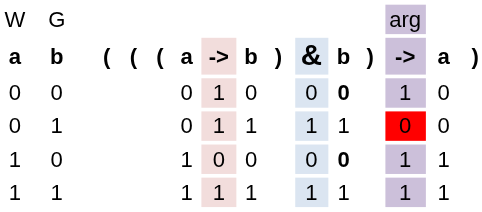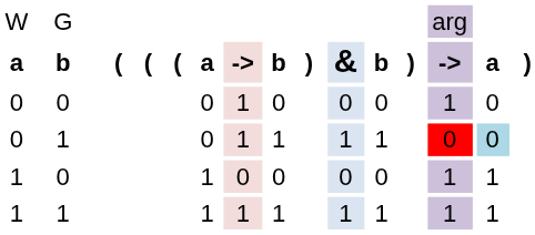 <table style="margin-left: auto; margin-right: auto; border: none;">
 <tr style="font-size:9pt" align="center">
 <td width="18.75" Height="12">W</td>
 <td width="18.75">G</td>
 <td width="4.5"></td>
 <td width="10.5"></td>
 <td width="10.5"></td>
 <td width="10.5"></td>
 <td width="10.5"></td>
 <td width="16.5"></td>
 <td width="10.5"></td>
 <td width="11.25"></td>
 <td width="16.5"></td>
 <td width="10.5"></td>
 <td width="10.5"></td>
 <td style="background-color:#CCC0DA" width="19.5">arg</td>
 <td width="14.25"></td>
 <td width="12"></td>
 </tr>
 <tr style="font-weight:bold" align="center">
 <td style="font-size:9pt" Height="12.75">a</td>
 <td style="font-size:9pt">b</td>
 <td style="font-size:9pt"></td>
 <td style="font-size:9pt">(</td>
 <td style="font-size:9pt">(</td>
 <td style="font-size:9pt">(</td>
 <td style="font-size:9pt">a</td>
 <td style="background-color:#F2DDDC;font-size:9pt">-></td>
 <td style="font-size:9pt">b</td>
 <td style="font-size:9pt">)</td>
 <td style="background-color:#DBE5F1">&</td>
 <td style="font-size:9pt">b</td>
 <td style="font-size:9pt">)</td>
 <td style="background-color:#CCC0DA;font-size:9pt">-></td>
 <td style="font-size:9pt">a</td>
 <td style="font-size:9pt">)</td>
 </tr>
 <tr style="font-size:9pt" align="center">
 <td Height="12">0</td>
 <td>0</td>
 <td></td>
 <td></td>
 <td></td>
 <td></td>
 <td>0</td>
 <td style="background-color:#F2DDDC">1</td>
 <td>0</td>
 <td></td>
 <td style="background-color:#DBE5F1">0</td>
-<td><strong>0</strong></td>
+<td>0</td>
 <td></td>
 <td style="background-color:#CCC0DA">1</td>
 <td>0</td>
 <td></td>
 </tr>
 <tr style="font-size:9pt" align="center">
 <td Height="12">0</td>
 <td>1</td>
 <td></td>
 <td></td>
 <td></td>
 <td></td>
 <td>0</td>
 <td style="background-color:#F2DDDC">1</td>
 <td>1</td>
 <td></td>
 <td style="background-color:#DBE5F1">1</td>
 <td>1</td>
 <td></td>
 <td style="background-color:red">0</td>
-<td>0</td>
+<td style="background: lightblue;">0</td>
 <td></td>
 </tr>
 <tr style="font-size:9pt" align="center">
 <td Height="12">1</td>
 <td>0</td>
 <td></td>
 <td></td>
 <td></td>
 <td></td>
 <td>1</td>
 <td style="background-color:#F2DDDC">0</td>
 <td>0</td>
 <td></td>
 <td style="background-color:#DBE5F1">0</td>
-<td><strong>0</strong></td>
+<td>0</td>
 <td></td>
 <td style="background-color:#CCC0DA">1</td>
 <td>1</td>
 <td></td>
 </tr>
 <tr style="font-size:9pt" align="center">
 <td Height="12">1</td>
 <td>1</td>
 <td></td>
 <td></td>
 <td></td>
 <td></td>
 <td>1</td>
 <td style="background-color:#F2DDDC">1</td>
 <td>1</td>
 <td></td>
 <td style="background-color:#DBE5F1">1</td>
 <td>1</td>
 <td></td>
 <td style="background-color:#CCC0DA">1</td>
 <td>1</td>
 <td></td>
 </tr>
 </table>
